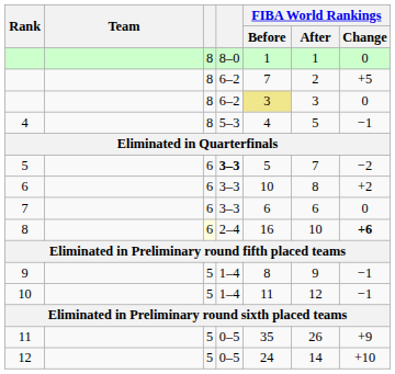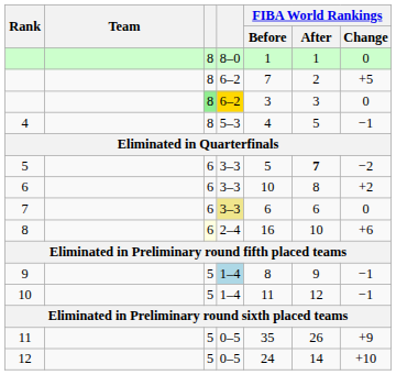 <table class="wikitable" style="text-align:center">
 <tr>
 <th rowspan=2 width=40>Rank</th>
 <th rowspan=2 width=180>Team</th>
 <th rowspan=2 width:5%></th>
 <th rowspan=2 width:5%></th>
 <th colspan=3><a href='#'>FIBA World Rankings</a></th>
 </tr>
 <tr>
 <th width=50>Before</th>
 <th width=50>After</th>
 <th width=50>Change</th>
 </tr>
 <tr bgcolor=ccffcc>
 <td></td>
 <td style="text-align:left"></td>
 <td>8</td>
 <td>8–0</td>
 <td>1</td>
 <td>1</td>
 <td>0</td>
 </tr>
 <tr>
 <td></td>
 <td style="text-align:left"></td>
 <td>8</td>
 <td>6–2</td>
 <td>7</td>
 <td>2</td>
 <td>+5</td>
 </tr>
 <tr>
 <td></td>
 <td style="text-align:left"></td>
-<td>8</td>
-<td>6–2</td>
-<td style="background: khaki;">3</td>
+<td style="background: lightgreen;">8</td>
+<td style="background: gold;">6–2</td>
+<td>3</td>
 <td>3</td>
 <td>0</td>
 </tr>
 <tr>
 <td>4</td>
 <td style="text-align:left"></td>
 <td>8</td>
 <td>5–3</td>
 <td>4</td>
 <td>5</td>
 <td>−1</td>
 </tr>
 <tr>
 <th colspan="11">Eliminated in Quarterfinals</th>
 </tr>
 <tr>
 <td>5</td>
 <td style="text-align:left"></td>
 <td>6</td>
-<td><strong>3–3</strong></td>
+<td>3–3</td>
 <td>5</td>
-<td>7</td>
+<td><strong>7</strong></td>
 <td>−2</td>
 </tr>
 <tr>
 <td>6</td>
 <td style="text-align:left"></td>
 <td>6</td>
 <td>3–3</td>
 <td>10</td>
 <td>8</td>
 <td>+2</td>
 </tr>
 <tr>
 <td>7</td>
 <td style="text-align:left"></td>
 <td>6</td>
-<td>3–3</td>
+<td style="background: khaki;">3–3</td>
 <td>6</td>
 <td>6</td>
 <td>0</td>
 </tr>
 <tr>
 <td>8</td>
 <td style="text-align:left"></td>
 <td style="background: lightyellow;">6</td>
 <td>2–4</td>
 <td>16</td>
 <td>10</td>
-<td><strong>+6</strong></td>
+<td>+6</td>
 </tr>
 <tr>
 <th colspan="11">Eliminated in Preliminary round fifth placed teams</th>
 </tr>
 <tr>
 <td>9</td>
 <td style="text-align:left"></td>
 <td>5</td>
-<td>1–4</td>
+<td style="background: lightblue;">1–4</td>
 <td>8</td>
 <td>9</td>
 <td>−1</td>
 </tr>
 <tr>
 <td>10</td>
 <td style="text-align:left"></td>
 <td>5</td>
 <td>1–4</td>
 <td>11</td>
 <td>12</td>
 <td>−1</td>
 </tr>
 <tr>
 <th colspan="11">Eliminated in Preliminary round sixth placed teams</th>
 </tr>
 <tr>
 <td>11</td>
 <td style="text-align:left"></td>
 <td>5</td>
 <td>0–5</td>
 <td>35</td>
 <td>26</td>
 <td>+9</td>
 </tr>
 <tr>
 <td>12</td>
 <td style="text-align:left"></td>
 <td>5</td>
 <td>0–5</td>
 <td>24</td>
 <td>14</td>
 <td>+10</td>
 </tr>
 </table>
